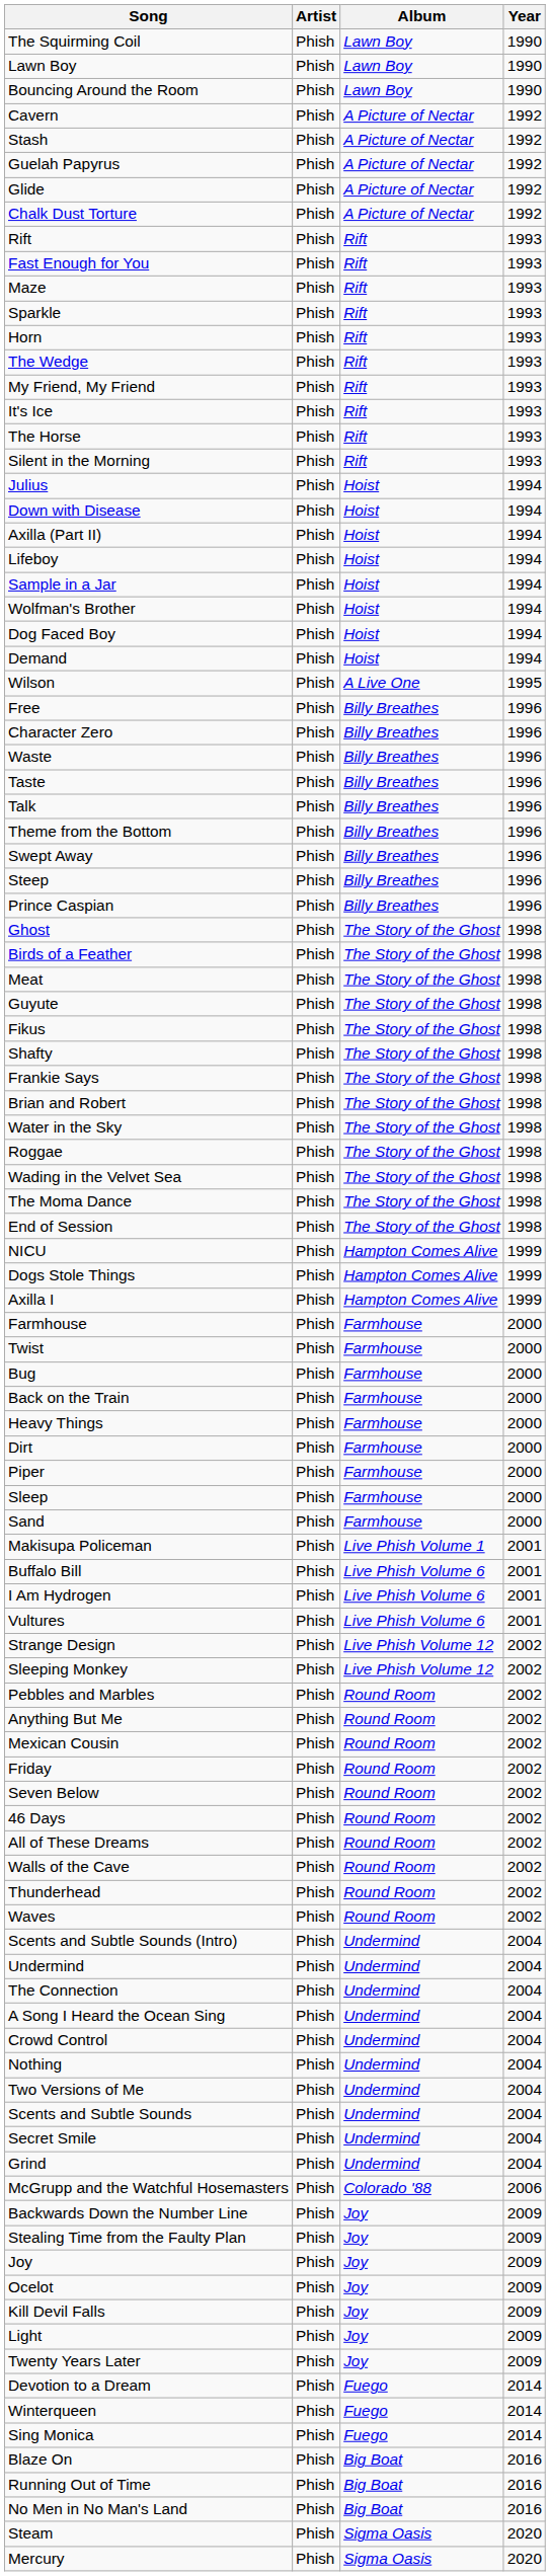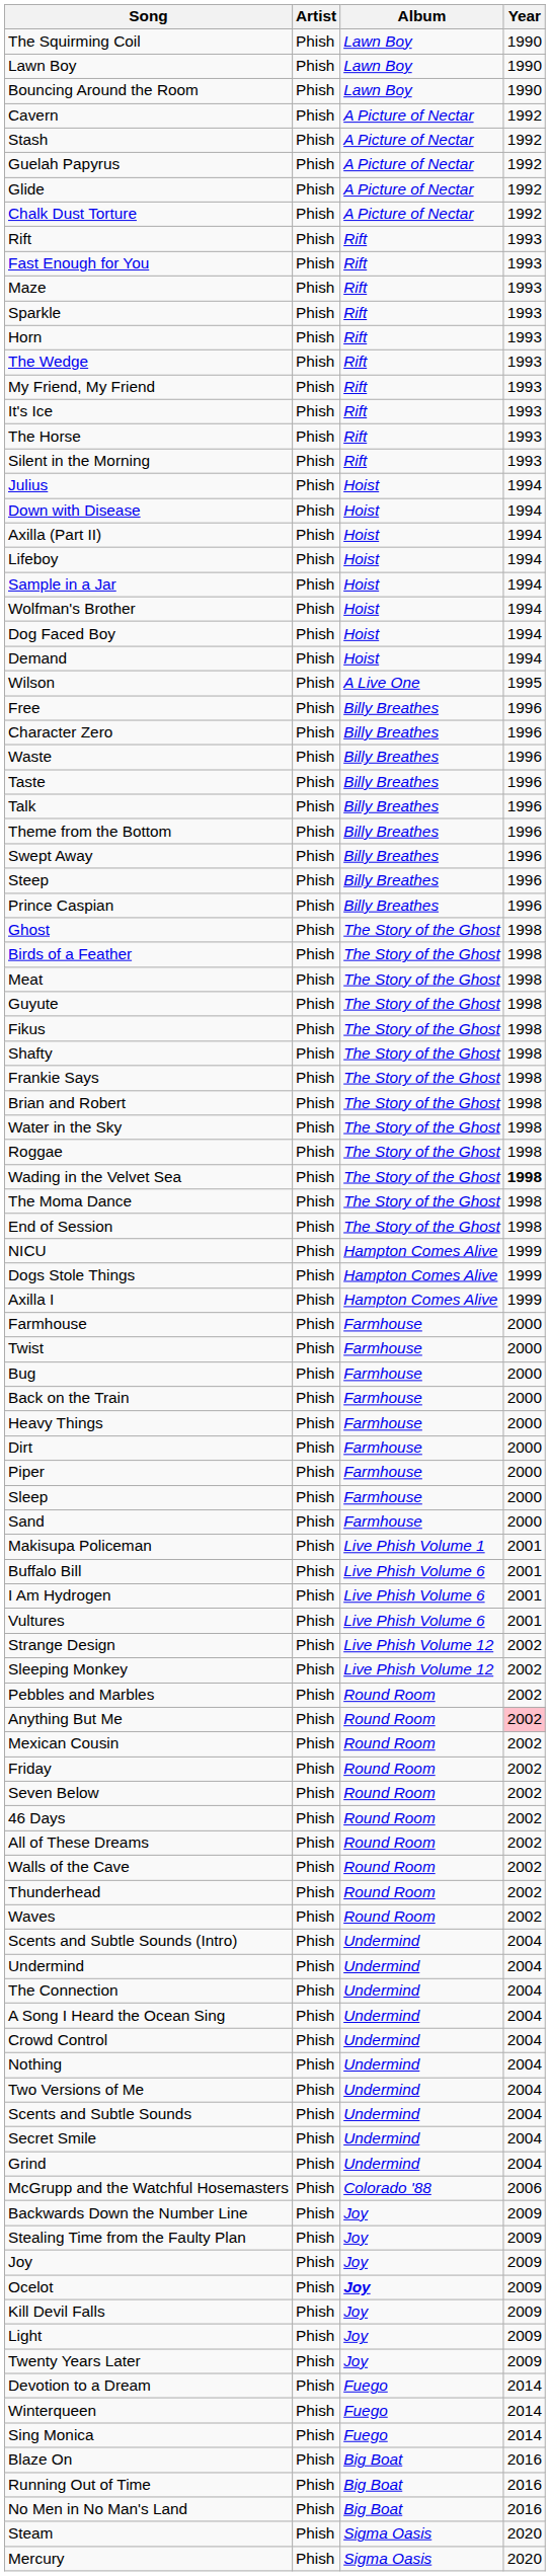 <table class="wikitable sortable">
 <tr>
 <th>Song</th>
 <th>Artist</th>
 <th>Album</th>
 <th>Year</th>
 </tr>
 <tr>
 <td>The Squirming Coil</td>
 <td>Phish</td>
 <td><em><a href='#'>Lawn Boy</a></em></td>
 <td>1990</td>
 </tr>
 <tr>
 <td>Lawn Boy</td>
 <td>Phish</td>
 <td><em><a href='#'>Lawn Boy</a></em></td>
 <td>1990</td>
 </tr>
 <tr>
 <td>Bouncing Around the Room</td>
 <td>Phish</td>
 <td><em><a href='#'>Lawn Boy</a></em></td>
 <td>1990</td>
 </tr>
 <tr>
 <td>Cavern</td>
 <td>Phish</td>
 <td><em><a href='#'>A Picture of Nectar</a></em></td>
 <td>1992</td>
 </tr>
 <tr>
 <td>Stash</td>
 <td>Phish</td>
 <td><em><a href='#'>A Picture of Nectar</a></em></td>
 <td>1992</td>
 </tr>
 <tr>
 <td>Guelah Papyrus</td>
 <td>Phish</td>
 <td><em><a href='#'>A Picture of Nectar</a></em></td>
 <td>1992</td>
 </tr>
 <tr>
 <td>Glide</td>
 <td>Phish</td>
 <td><em><a href='#'>A Picture of Nectar</a></em></td>
 <td>1992</td>
 </tr>
 <tr>
 <td><a href='#'>Chalk Dust Torture</a></td>
 <td>Phish</td>
 <td><em><a href='#'>A Picture of Nectar</a></em></td>
 <td>1992</td>
 </tr>
 <tr>
 <td>Rift</td>
 <td>Phish</td>
 <td><em><a href='#'>Rift</a></em></td>
 <td>1993</td>
 </tr>
 <tr>
 <td><a href='#'>Fast Enough for You</a></td>
 <td>Phish</td>
 <td><em><a href='#'>Rift</a></em></td>
 <td>1993</td>
 </tr>
 <tr>
 <td>Maze</td>
 <td>Phish</td>
 <td><em><a href='#'>Rift</a></em></td>
 <td>1993</td>
 </tr>
 <tr>
 <td>Sparkle</td>
 <td>Phish</td>
 <td><em><a href='#'>Rift</a></em></td>
 <td>1993</td>
 </tr>
 <tr>
 <td>Horn</td>
 <td>Phish</td>
 <td><em><a href='#'>Rift</a></em></td>
 <td>1993</td>
 </tr>
 <tr>
 <td><a href='#'>The Wedge</a></td>
 <td>Phish</td>
 <td><em><a href='#'>Rift</a></em></td>
 <td>1993</td>
 </tr>
 <tr>
 <td>My Friend, My Friend</td>
 <td>Phish</td>
 <td><em><a href='#'>Rift</a></em></td>
 <td>1993</td>
 </tr>
 <tr>
 <td>It's Ice</td>
 <td>Phish</td>
 <td><em><a href='#'>Rift</a></em></td>
 <td>1993</td>
 </tr>
 <tr>
 <td>The Horse</td>
 <td>Phish</td>
 <td><em><a href='#'>Rift</a></em></td>
 <td>1993</td>
 </tr>
 <tr>
 <td>Silent in the Morning</td>
 <td>Phish</td>
 <td><em><a href='#'>Rift</a></em></td>
 <td>1993</td>
 </tr>
 <tr>
 <td><a href='#'>Julius</a></td>
 <td>Phish</td>
 <td><em><a href='#'>Hoist</a></em></td>
 <td>1994</td>
 </tr>
 <tr>
 <td><a href='#'>Down with Disease</a></td>
 <td>Phish</td>
 <td><em><a href='#'>Hoist</a></em></td>
 <td>1994</td>
 </tr>
 <tr>
 <td>Axilla (Part II)</td>
 <td>Phish</td>
 <td><em><a href='#'>Hoist</a></em></td>
 <td>1994</td>
 </tr>
 <tr>
 <td>Lifeboy</td>
 <td>Phish</td>
 <td><em><a href='#'>Hoist</a></em></td>
 <td>1994</td>
 </tr>
 <tr>
 <td><a href='#'>Sample in a Jar</a></td>
 <td>Phish</td>
 <td><em><a href='#'>Hoist</a></em></td>
 <td>1994</td>
 </tr>
 <tr>
 <td>Wolfman's Brother</td>
 <td>Phish</td>
 <td><em><a href='#'>Hoist</a></em></td>
 <td>1994</td>
 </tr>
 <tr>
 <td>Dog Faced Boy</td>
 <td>Phish</td>
 <td><em><a href='#'>Hoist</a></em></td>
 <td>1994</td>
 </tr>
 <tr>
 <td>Demand</td>
 <td>Phish</td>
 <td><em><a href='#'>Hoist</a></em></td>
 <td>1994</td>
 </tr>
 <tr>
 <td>Wilson</td>
 <td>Phish</td>
 <td><em><a href='#'>A Live One</a></em></td>
 <td>1995</td>
 </tr>
 <tr>
 <td>Free</td>
 <td>Phish</td>
 <td><em><a href='#'>Billy Breathes</a></em></td>
 <td>1996</td>
 </tr>
 <tr>
 <td>Character Zero</td>
 <td>Phish</td>
 <td><em><a href='#'>Billy Breathes</a></em></td>
 <td>1996</td>
 </tr>
 <tr>
 <td>Waste</td>
 <td>Phish</td>
 <td><em><a href='#'>Billy Breathes</a></em></td>
 <td>1996</td>
 </tr>
 <tr>
 <td>Taste</td>
 <td>Phish</td>
 <td><em><a href='#'>Billy Breathes</a></em></td>
 <td>1996</td>
 </tr>
 <tr>
 <td>Talk</td>
 <td>Phish</td>
 <td><em><a href='#'>Billy Breathes</a></em></td>
 <td>1996</td>
 </tr>
 <tr>
 <td>Theme from the Bottom</td>
 <td>Phish</td>
 <td><em><a href='#'>Billy Breathes</a></em></td>
 <td>1996</td>
 </tr>
 <tr>
 <td>Swept Away</td>
 <td>Phish</td>
 <td><em><a href='#'>Billy Breathes</a></em></td>
 <td>1996</td>
 </tr>
 <tr>
 <td>Steep</td>
 <td>Phish</td>
 <td><em><a href='#'>Billy Breathes</a></em></td>
 <td>1996</td>
 </tr>
 <tr>
 <td>Prince Caspian</td>
 <td>Phish</td>
 <td><em><a href='#'>Billy Breathes</a></em></td>
 <td>1996</td>
 </tr>
 <tr>
 <td><a href='#'>Ghost</a></td>
 <td>Phish</td>
 <td><em><a href='#'>The Story of the Ghost</a></em></td>
 <td>1998</td>
 </tr>
 <tr>
 <td><a href='#'>Birds of a Feather</a></td>
 <td>Phish</td>
 <td><em><a href='#'>The Story of the Ghost</a></em></td>
 <td>1998</td>
 </tr>
 <tr>
 <td>Meat</td>
 <td>Phish</td>
 <td><em><a href='#'>The Story of the Ghost</a></em></td>
 <td>1998</td>
 </tr>
 <tr>
 <td>Guyute</td>
 <td>Phish</td>
 <td><em><a href='#'>The Story of the Ghost</a></em></td>
 <td>1998</td>
 </tr>
 <tr>
 <td>Fikus</td>
 <td>Phish</td>
 <td><em><a href='#'>The Story of the Ghost</a></em></td>
 <td>1998</td>
 </tr>
 <tr>
 <td>Shafty</td>
 <td>Phish</td>
 <td><em><a href='#'>The Story of the Ghost</a></em></td>
 <td>1998</td>
 </tr>
 <tr>
 <td>Frankie Says</td>
 <td>Phish</td>
 <td><em><a href='#'>The Story of the Ghost</a></em></td>
 <td>1998</td>
 </tr>
 <tr>
 <td>Brian and Robert</td>
 <td>Phish</td>
 <td><em><a href='#'>The Story of the Ghost</a></em></td>
 <td>1998</td>
 </tr>
 <tr>
 <td>Water in the Sky</td>
 <td>Phish</td>
 <td><em><a href='#'>The Story of the Ghost</a></em></td>
 <td>1998</td>
 </tr>
 <tr>
 <td>Roggae</td>
 <td>Phish</td>
 <td><em><a href='#'>The Story of the Ghost</a></em></td>
 <td>1998</td>
 </tr>
 <tr>
 <td>Wading in the Velvet Sea</td>
 <td>Phish</td>
 <td><em><a href='#'>The Story of the Ghost</a></em></td>
-<td>1998</td>
+<td><strong>1998</strong></td>
 </tr>
 <tr>
 <td>The Moma Dance</td>
 <td>Phish</td>
 <td><em><a href='#'>The Story of the Ghost</a></em></td>
 <td>1998</td>
 </tr>
 <tr>
 <td>End of Session</td>
 <td>Phish</td>
 <td><em><a href='#'>The Story of the Ghost</a></em></td>
 <td>1998</td>
 </tr>
 <tr>
 <td>NICU</td>
 <td>Phish</td>
 <td><em><a href='#'>Hampton Comes Alive</a></em></td>
 <td>1999</td>
 </tr>
 <tr>
 <td>Dogs Stole Things</td>
 <td>Phish</td>
 <td><em><a href='#'>Hampton Comes Alive</a></em></td>
 <td>1999</td>
 </tr>
 <tr>
 <td>Axilla I</td>
 <td>Phish</td>
 <td><em><a href='#'>Hampton Comes Alive</a></em></td>
 <td>1999</td>
 </tr>
 <tr>
 <td>Farmhouse</td>
 <td>Phish</td>
 <td><a href='#'><em>Farmhouse</em></a></td>
 <td>2000</td>
 </tr>
 <tr>
 <td>Twist</td>
 <td>Phish</td>
 <td><a href='#'><em>Farmhouse</em></a></td>
 <td>2000</td>
 </tr>
 <tr>
 <td>Bug</td>
 <td>Phish</td>
 <td><a href='#'><em>Farmhouse</em></a></td>
 <td>2000</td>
 </tr>
 <tr>
 <td>Back on the Train</td>
 <td>Phish</td>
 <td><a href='#'><em>Farmhouse</em></a></td>
 <td>2000</td>
 </tr>
 <tr>
 <td>Heavy Things</td>
 <td>Phish</td>
 <td><a href='#'><em>Farmhouse</em></a></td>
 <td>2000</td>
 </tr>
 <tr>
 <td>Dirt</td>
 <td>Phish</td>
 <td><a href='#'><em>Farmhouse</em></a></td>
 <td>2000</td>
 </tr>
 <tr>
 <td>Piper</td>
 <td>Phish</td>
 <td><a href='#'><em>Farmhouse</em></a></td>
 <td>2000</td>
 </tr>
 <tr>
 <td>Sleep</td>
 <td>Phish</td>
 <td><a href='#'><em>Farmhouse</em></a></td>
 <td>2000</td>
 </tr>
 <tr>
 <td>Sand</td>
 <td>Phish</td>
 <td><a href='#'><em>Farmhouse</em></a></td>
 <td>2000</td>
 </tr>
 <tr>
 <td>Makisupa Policeman</td>
 <td>Phish</td>
 <td><em><a href='#'>Live Phish Volume 1</a></em></td>
 <td>2001</td>
 </tr>
 <tr>
 <td>Buffalo Bill</td>
 <td>Phish</td>
 <td><em><a href='#'>Live Phish Volume 6</a></em></td>
 <td>2001</td>
 </tr>
 <tr>
 <td>I Am Hydrogen</td>
 <td>Phish</td>
 <td><em><a href='#'>Live Phish Volume 6</a></em></td>
 <td>2001</td>
 </tr>
 <tr>
 <td>Vultures</td>
 <td>Phish</td>
 <td><em><a href='#'>Live Phish Volume 6</a></em></td>
 <td>2001</td>
 </tr>
 <tr>
 <td>Strange Design</td>
 <td>Phish</td>
 <td><em><a href='#'>Live Phish Volume 12</a></em></td>
 <td>2002</td>
 </tr>
 <tr>
 <td>Sleeping Monkey</td>
 <td>Phish</td>
 <td><em><a href='#'>Live Phish Volume 12</a></em></td>
 <td>2002</td>
 </tr>
 <tr>
 <td>Pebbles and Marbles</td>
 <td>Phish</td>
 <td><em><a href='#'>Round Room</a></em></td>
 <td>2002</td>
 </tr>
 <tr>
 <td>Anything But Me</td>
 <td>Phish</td>
 <td><em><a href='#'>Round Room</a></em></td>
-<td>2002</td>
+<td style="background: pink;">2002</td>
 </tr>
 <tr>
 <td>Mexican Cousin</td>
 <td>Phish</td>
 <td><em><a href='#'>Round Room</a></em></td>
 <td>2002</td>
 </tr>
 <tr>
 <td>Friday</td>
 <td>Phish</td>
 <td><em><a href='#'>Round Room</a></em></td>
 <td>2002</td>
 </tr>
 <tr>
 <td>Seven Below</td>
 <td>Phish</td>
 <td><em><a href='#'>Round Room</a></em></td>
 <td>2002</td>
 </tr>
 <tr>
 <td>46 Days</td>
 <td>Phish</td>
 <td><em><a href='#'>Round Room</a></em></td>
 <td>2002</td>
 </tr>
 <tr>
 <td>All of These Dreams</td>
 <td>Phish</td>
 <td><em><a href='#'>Round Room</a></em></td>
 <td>2002</td>
 </tr>
 <tr>
 <td>Walls of the Cave</td>
 <td>Phish</td>
 <td><em><a href='#'>Round Room</a></em></td>
 <td>2002</td>
 </tr>
 <tr>
 <td>Thunderhead</td>
 <td>Phish</td>
 <td><em><a href='#'>Round Room</a></em></td>
 <td>2002</td>
 </tr>
 <tr>
 <td>Waves</td>
 <td>Phish</td>
 <td><em><a href='#'>Round Room</a></em></td>
 <td>2002</td>
 </tr>
 <tr>
 <td>Scents and Subtle Sounds (Intro)</td>
 <td>Phish</td>
 <td><em><a href='#'>Undermind</a></em></td>
 <td>2004</td>
 </tr>
 <tr>
 <td>Undermind</td>
 <td>Phish</td>
 <td><em><a href='#'>Undermind</a></em></td>
 <td>2004</td>
 </tr>
 <tr>
 <td>The Connection</td>
 <td>Phish</td>
 <td><em><a href='#'>Undermind</a></em></td>
 <td>2004</td>
 </tr>
 <tr>
 <td>A Song I Heard the Ocean Sing</td>
 <td>Phish</td>
 <td><em><a href='#'>Undermind</a></em></td>
 <td>2004</td>
 </tr>
 <tr>
 <td>Crowd Control</td>
 <td>Phish</td>
 <td><em><a href='#'>Undermind</a></em></td>
 <td>2004</td>
 </tr>
 <tr>
 <td>Nothing</td>
 <td>Phish</td>
 <td><em><a href='#'>Undermind</a></em></td>
 <td>2004</td>
 </tr>
 <tr>
 <td>Two Versions of Me</td>
 <td>Phish</td>
 <td><em><a href='#'>Undermind</a></em></td>
 <td>2004</td>
 </tr>
 <tr>
 <td>Scents and Subtle Sounds</td>
 <td>Phish</td>
 <td><em><a href='#'>Undermind</a></em></td>
 <td>2004</td>
 </tr>
 <tr>
 <td>Secret Smile</td>
 <td>Phish</td>
 <td><em><a href='#'>Undermind</a></em></td>
 <td>2004</td>
 </tr>
 <tr>
 <td>Grind</td>
 <td>Phish</td>
 <td><em><a href='#'>Undermind</a></em></td>
 <td>2004</td>
 </tr>
 <tr>
 <td>McGrupp and the Watchful Hosemasters</td>
 <td>Phish</td>
 <td><em><a href='#'>Colorado '88</a></em></td>
 <td>2006</td>
 </tr>
 <tr>
 <td>Backwards Down the Number Line</td>
 <td>Phish</td>
 <td><em><a href='#'>Joy</a></em></td>
 <td>2009</td>
 </tr>
 <tr>
 <td>Stealing Time from the Faulty Plan</td>
 <td>Phish</td>
 <td><em><a href='#'>Joy</a></em></td>
 <td>2009</td>
 </tr>
 <tr>
 <td>Joy</td>
 <td>Phish</td>
 <td><em><a href='#'>Joy</a></em></td>
 <td>2009</td>
 </tr>
 <tr>
 <td>Ocelot</td>
 <td>Phish</td>
-<td><em><a href='#'>Joy</a></em></td>
+<td><strong><em><a href='#'>Joy</a></em></strong></td>
 <td>2009</td>
 </tr>
 <tr>
 <td>Kill Devil Falls</td>
 <td>Phish</td>
 <td><em><a href='#'>Joy</a></em></td>
 <td>2009</td>
 </tr>
 <tr>
 <td>Light</td>
 <td>Phish</td>
 <td><em><a href='#'>Joy</a></em></td>
 <td>2009</td>
 </tr>
 <tr>
 <td>Twenty Years Later</td>
 <td>Phish</td>
 <td><em><a href='#'>Joy</a></em></td>
 <td>2009</td>
 </tr>
 <tr>
 <td>Devotion to a Dream</td>
 <td>Phish</td>
 <td><em><a href='#'>Fuego</a></em></td>
 <td>2014</td>
 </tr>
 <tr>
 <td>Winterqueen</td>
 <td>Phish</td>
 <td><em><a href='#'>Fuego</a></em></td>
 <td>2014</td>
 </tr>
 <tr>
 <td>Sing Monica</td>
 <td>Phish</td>
 <td><em><a href='#'>Fuego</a></em></td>
 <td>2014</td>
 </tr>
 <tr>
 <td>Blaze On</td>
 <td>Phish</td>
 <td><em><a href='#'>Big Boat</a></em></td>
 <td>2016</td>
 </tr>
 <tr>
 <td>Running Out of Time</td>
 <td>Phish</td>
 <td><em><a href='#'>Big Boat</a></em></td>
 <td>2016</td>
 </tr>
 <tr>
 <td>No Men in No Man's Land</td>
 <td>Phish</td>
 <td><em><a href='#'>Big Boat</a></em></td>
 <td>2016</td>
 </tr>
 <tr>
 <td>Steam</td>
 <td>Phish</td>
 <td><em><a href='#'>Sigma Oasis</a></em></td>
 <td>2020</td>
 </tr>
 <tr>
 <td>Mercury</td>
 <td>Phish</td>
 <td><em><a href='#'>Sigma Oasis</a></em></td>
 <td>2020</td>
 </tr>
 </table>
